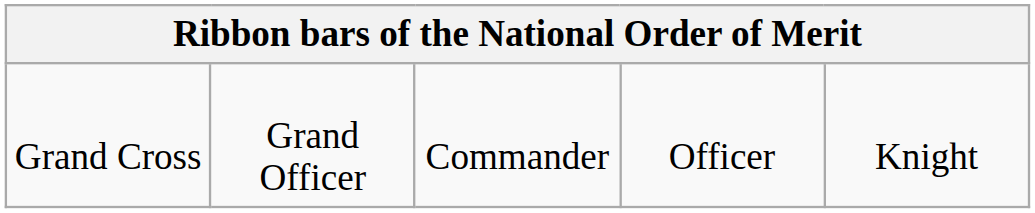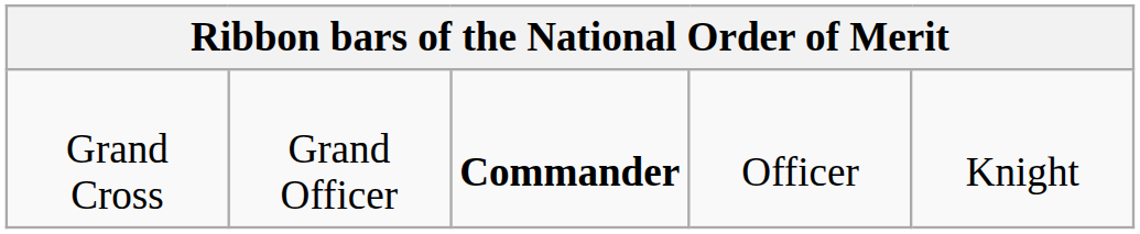 <table align=center class=wikitable width=50% style="margin-left: auto; margin-right: auto; border: none;">
 <tr>
 <th colspan=5>Ribbon bars of the National Order of Merit</th>
 </tr>
 <tr>
 <td width=20% valign=center align=center><br>Grand Cross</td>
 <td width=20% valign=center align=center><br>Grand Officer</td>
-<td width=20% valign=center align=center><br>Commander</td>
+<td width=20% valign=center align=center><strong><br>Commander</strong></td>
 <td width=20% valign=center align=center><br>Officer</td>
 <td width=20% valign=center align=center><br>Knight</td>
 </tr>
 <tr>
 </tr>
 </table>
